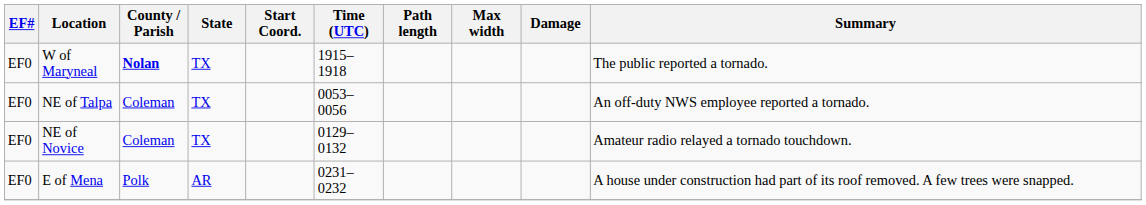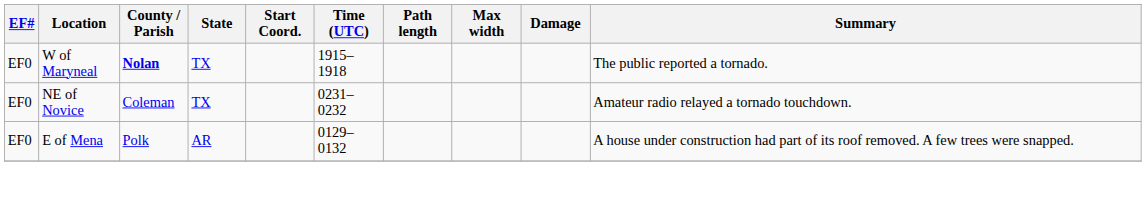 <table class="wikitable sortable" style="width:100%;">
 <tr>
 <th scope="col" width="3%" align="center"><a href='#'>EF#</a></th>
 <th scope="col" width="7%" align="center" class="unsortable">Location</th>
 <th scope="col" width="6%" align="center" class="unsortable">County / Parish</th>
 <th scope="col" width="5%" align="center">State</th>
 <th scope="col" width="6%" align="center">Start Coord.</th>
 <th scope="col" width="6%" align="center">Time (<a href='#'>UTC</a>)</th>
 <th scope="col" width="6%" align="center">Path length</th>
 <th scope="col" width="6%" align="center">Max width</th>
 <th scope="col" width="6%" align="center">Damage</th>
 <th scope="col" width="48%" class="unsortable" align="center">Summary</th>
 </tr>
 <tr>
 <td>EF0</td>
 <td>W of <a href='#'>Maryneal</a></td>
 <td><strong><a href='#'>Nolan</a></strong></td>
 <td><a href='#'>TX</a></td>
 <td></td>
 <td>1915–1918</td>
 <td></td>
 <td></td>
 <td></td>
 <td>The public reported a tornado.</td>
 </tr>
 <tr>
 <td>EF0</td>
-<td>NE of <a href='#'>Talpa</a></td>
-<td><a href='#'>Coleman</a></td>
-<td><a href='#'>TX</a></td>
-<td></td>
-<td>0053–0056</td>
-<td></td>
-<td></td>
-<td></td>
-<td>An off-duty NWS employee reported a tornado.</td>
-</tr>
-<tr>
-<td>EF0</td>
 <td>NE of <a href='#'>Novice</a></td>
 <td><a href='#'>Coleman</a></td>
 <td><a href='#'>TX</a></td>
 <td></td>
-<td>0129–0132</td>
+<td>0231–0232</td>
 <td></td>
 <td></td>
 <td></td>
 <td>Amateur radio relayed a tornado touchdown.</td>
 </tr>
 <tr>
 <td>EF0</td>
 <td>E of <a href='#'>Mena</a></td>
 <td><a href='#'>Polk</a></td>
 <td><a href='#'>AR</a></td>
 <td></td>
-<td>0231–0232</td>
+<td>0129–0132</td>
 <td></td>
 <td></td>
 <td></td>
 <td>A house under construction had part of its roof removed. A few trees were snapped.</td>
 </tr>
 <tr>
 </tr>
 </table>
